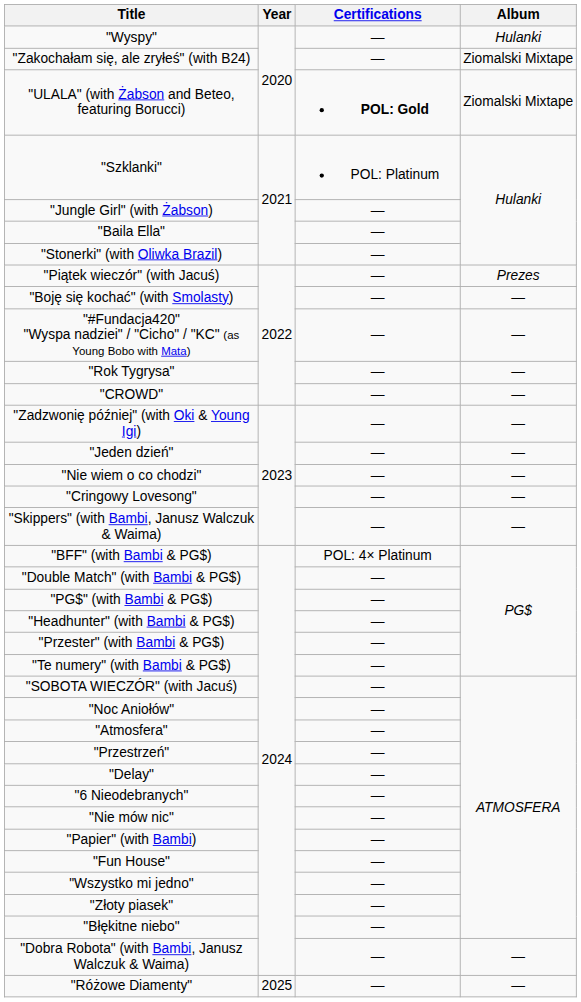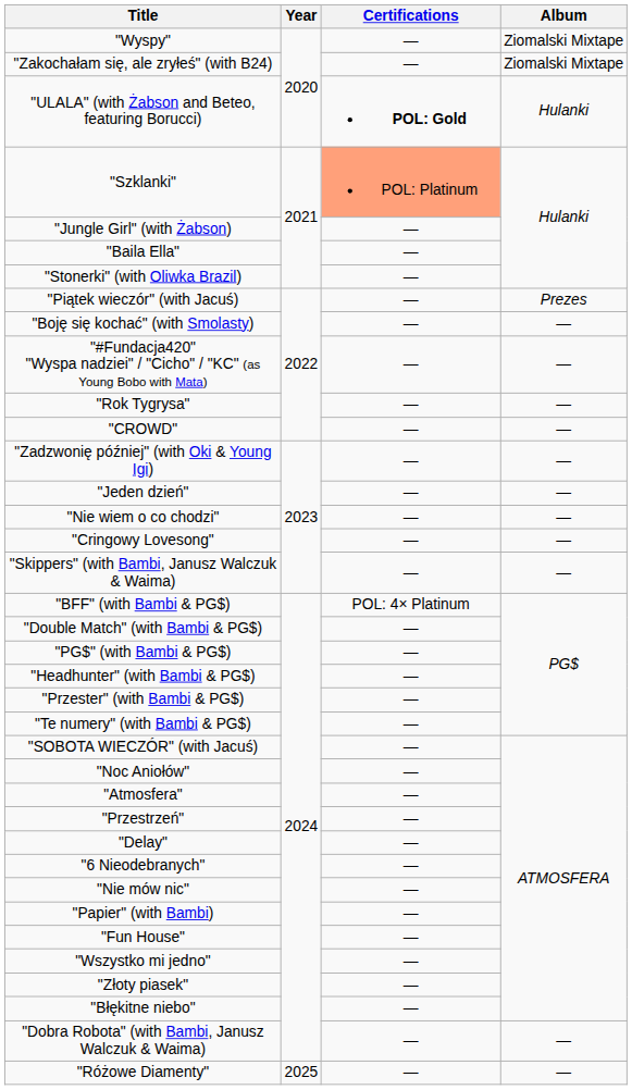 <table class="wikitable plainrowheaders" style="text-align:center;">
 <tr>
 <th scope="col" style="width:18em;">Title</th>
 <th scope="col" style="width:1em;">Year</th>
 <th scope="col" style="width:11.5em;"><a href='#'>Certifications</a></th>
 <th scope="col">Album</th>
 </tr>
 <tr>
 <td>"Wyspy"</td>
 <td rowspan="3">2020</td>
 <td>—</td>
-<td><em>Hulanki</em></td>
+<td>Ziomalski Mixtape</td>
 </tr>
 <tr>
 <td>"Zakochałam się, ale zryłeś" (with B24)</td>
 <td>—</td>
 <td>Ziomalski Mixtape</td>
 </tr>
 <tr>
 <td>"ULALA" (with <a href='#'>Żabson</a> and Beteo, featuring Borucci)</td>
 <td><strong><br><ul><li>POL: Gold</li></ul></strong></td>
-<td>Ziomalski Mixtape</td>
+<td><em>Hulanki</em></td>
 </tr>
 <tr>
 <td>"Szklanki"</td>
 <td rowspan="4">2021</td>
-<td><br><ul><li>POL: Platinum</li></ul></td>
+<td style="background: lightsalmon;"><br><ul><li>POL: Platinum</li></ul></td>
 <td rowspan="4"><em>Hulanki</em></td>
 </tr>
 <tr>
 <td>"Jungle Girl" (with <a href='#'>Żabson</a>)</td>
 <td>—</td>
 </tr>
 <tr>
 <td>"Baila Ella"</td>
 <td>—</td>
 </tr>
 <tr>
 <td>"Stonerki" (with <a href='#'>Oliwka Brazil</a>)</td>
 <td>—</td>
 </tr>
 <tr>
 <td>"Piątek wieczór" (with Jacuś)</td>
 <td rowspan="5">2022</td>
 <td>—</td>
 <td><em>Prezes</em></td>
 </tr>
 <tr>
 <td>"Boję się kochać" (with <a href='#'>Smolasty</a>)</td>
 <td>—</td>
 <td>—</td>
 </tr>
 <tr>
 <td>"#Fundacja420"<br>"Wyspa nadziei" / "Cicho" / "KC" <small>(as Young Bobo with <a href='#'>Mata</a>)</small></td>
 <td>—</td>
 <td>—</td>
 </tr>
 <tr>
 <td>"Rok Tygrysa"</td>
 <td>—</td>
 <td>—</td>
 </tr>
 <tr>
 <td>"CROWD"</td>
 <td>—</td>
 <td>—</td>
 </tr>
 <tr>
 <td>"Zadzwonię później" (with <a href='#'>Oki</a> & <a href='#'>Young Igi</a>)</td>
 <td rowspan="5">2023</td>
 <td>—</td>
 <td>—</td>
 </tr>
 <tr>
 <td>"Jeden dzień"</td>
 <td>—</td>
 <td>—</td>
 </tr>
 <tr>
 <td>"Nie wiem o co chodzi"</td>
 <td>—</td>
 <td>—</td>
 </tr>
 <tr>
 <td>"Cringowy Lovesong"</td>
 <td>—</td>
 <td>—</td>
 </tr>
 <tr>
 <td>"Skippers" (with <a href='#'>Bambi</a>, Janusz Walczuk & Waima)</td>
 <td>—</td>
 <td>—</td>
 </tr>
 <tr>
 <td>"BFF" (with <a href='#'>Bambi</a> & PG$)</td>
 <td rowspan="19">2024</td>
 <td>POL: 4× Platinum</td>
 <td rowspan="6"><em>PG$</em></td>
 </tr>
 <tr>
 <td>"Double Match" (with <a href='#'>Bambi</a> & PG$)</td>
 <td>—</td>
 </tr>
 <tr>
 <td>"PG$" (with <a href='#'>Bambi</a> & PG$)</td>
 <td>—</td>
 </tr>
 <tr>
 <td>"Headhunter" (with <a href='#'>Bambi</a> & PG$)</td>
 <td>—</td>
 </tr>
 <tr>
 <td>"Przester" (with <a href='#'>Bambi</a> & PG$)</td>
 <td>—</td>
 </tr>
 <tr>
 <td>"Te numery" (with <a href='#'>Bambi</a> & PG$)</td>
 <td>—</td>
 </tr>
 <tr>
 <td>"SOBOTA WIECZÓR" (with Jacuś)</td>
 <td>—</td>
 <td rowspan="12"><em>ATMOSFERA</em></td>
 </tr>
 <tr>
 <td>"Noc Aniołów"</td>
 <td>—</td>
 </tr>
 <tr>
 <td>"Atmosfera"</td>
 <td>—</td>
 </tr>
 <tr>
 <td>"Przestrzeń"</td>
 <td>—</td>
 </tr>
 <tr>
 <td>"Delay"</td>
 <td>—</td>
 </tr>
 <tr>
 <td>"6 Nieodebranych"</td>
 <td>—</td>
 </tr>
 <tr>
 <td>"Nie mów nic"</td>
 <td>—</td>
 </tr>
 <tr>
 <td>"Papier" (with <a href='#'>Bambi</a>)</td>
 <td>—</td>
 </tr>
 <tr>
 <td>"Fun House"</td>
 <td>—</td>
 </tr>
 <tr>
 <td>"Wszystko mi jedno"</td>
 <td>—</td>
 </tr>
 <tr>
 <td>"Złoty piasek"</td>
 <td>—</td>
 </tr>
 <tr>
 <td>"Błękitne niebo"</td>
 <td>—</td>
 </tr>
 <tr>
 <td>"Dobra Robota" (with <a href='#'>Bambi</a>, Janusz Walczuk & Waima)</td>
 <td>—</td>
 <td>—</td>
 </tr>
 <tr>
 <td>"Różowe Diamenty"</td>
 <td>2025</td>
 <td>—</td>
 <td>—</td>
 </tr>
 </table>
